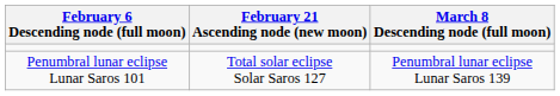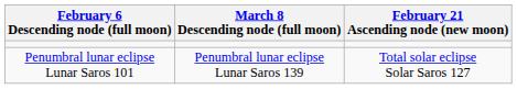 <table class="wikitable">
 <tr>
 <th><a href='#'>February 6</a><br>Descending node (full moon)<br></th>
+<th><a href='#'>March 8</a><br>Descending node (full moon)<br></th>
 <th><a href='#'>February 21</a><br>Ascending node (new moon)<br></th>
-<th><a href='#'>March 8</a><br>Descending node (full moon)<br></th>
 </tr>
 <tr>
 <td></td>
 <td></td>
 <td></td>
 </tr>
 <tr align=center>
 <td><a href='#'>Penumbral lunar eclipse</a><br>Lunar Saros 101</td>
+<td><a href='#'>Penumbral lunar eclipse</a><br>Lunar Saros 139</td>
 <td><a href='#'>Total solar eclipse</a><br>Solar Saros 127</td>
-<td><a href='#'>Penumbral lunar eclipse</a><br>Lunar Saros 139</td>
 </tr>
 </table>
